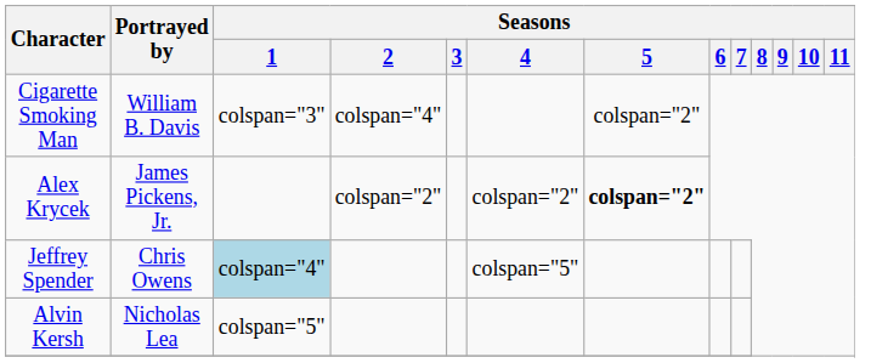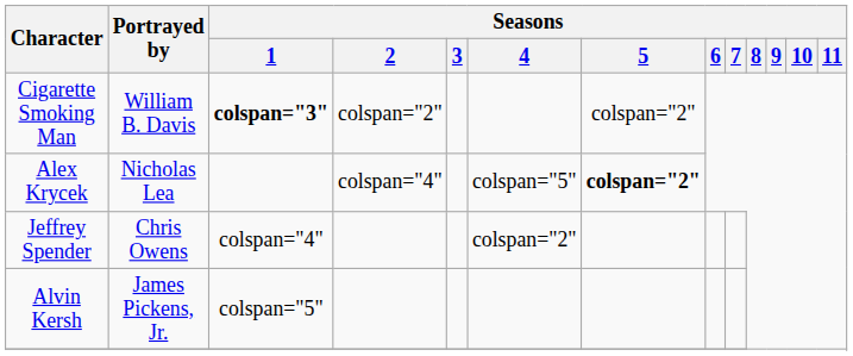 <table class="wikitable" style="text-align:center;">
 <tr>
 <th rowspan="2" style="width:250px;">Character</th>
 <th rowspan="2" style="width:200px;">Portrayed by</th>
 <th colspan="11">Seasons</th>
 </tr>
 <tr>
 <th style="width:80px;"><a href='#'>1</a></th>
 <th style="width:80px;"><a href='#'>2</a></th>
 <th style="width:80px;"><a href='#'>3</a></th>
 <th style="width:80px;"><a href='#'>4</a></th>
 <th style="width:80px;"><a href='#'>5</a></th>
 <th style="width:80px;"><a href='#'>6</a></th>
 <th style="width:80px;"><a href='#'>7</a></th>
 <th style="width:80px;"><a href='#'>8</a></th>
 <th style="width:80px;"><a href='#'>9</a></th>
 <th style="width:80px;"><a href='#'>10</a></th>
 <th style="width:80px;"><a href='#'>11</a></th>
 </tr>
 <tr>
 <td><a href='#'>Cigarette Smoking Man</a></td>
 <td><a href='#'>William B. Davis</a></td>
-<td>colspan="3" </td>
-<td>colspan="4" </td>
+<td><strong>colspan="3" </strong></td>
+<td>colspan="2" </td>
 <td></td>
 <td></td>
 <td>colspan="2" </td>
 </tr>
 <tr>
 <td><a href='#'>Alex Krycek</a></td>
-<td><a href='#'>James Pickens, Jr.</a></td>
+<td><a href='#'>Nicholas Lea</a></td>
 <td></td>
-<td>colspan="2" </td>
+<td>colspan="4" </td>
 <td></td>
-<td>colspan="2" </td>
+<td>colspan="5" </td>
 <td><strong>colspan="2" </strong></td>
 </tr>
 <tr>
 <td><a href='#'>Jeffrey Spender</a></td>
 <td><a href='#'>Chris Owens</a></td>
-<td style="background: lightblue;">colspan="4" </td>
+<td>colspan="4" </td>
 <td></td>
 <td></td>
-<td>colspan="5" </td>
+<td>colspan="2" </td>
 <td></td>
 <td></td>
 <td></td>
 </tr>
 <tr>
 <td><a href='#'>Alvin Kersh</a></td>
-<td><a href='#'>Nicholas Lea</a></td>
+<td><a href='#'>James Pickens, Jr.</a></td>
 <td>colspan="5" </td>
 <td></td>
 <td></td>
 <td></td>
 <td></td>
 <td></td>
 <td></td>
 </tr>
 <tr>
 </tr>
 </table>
